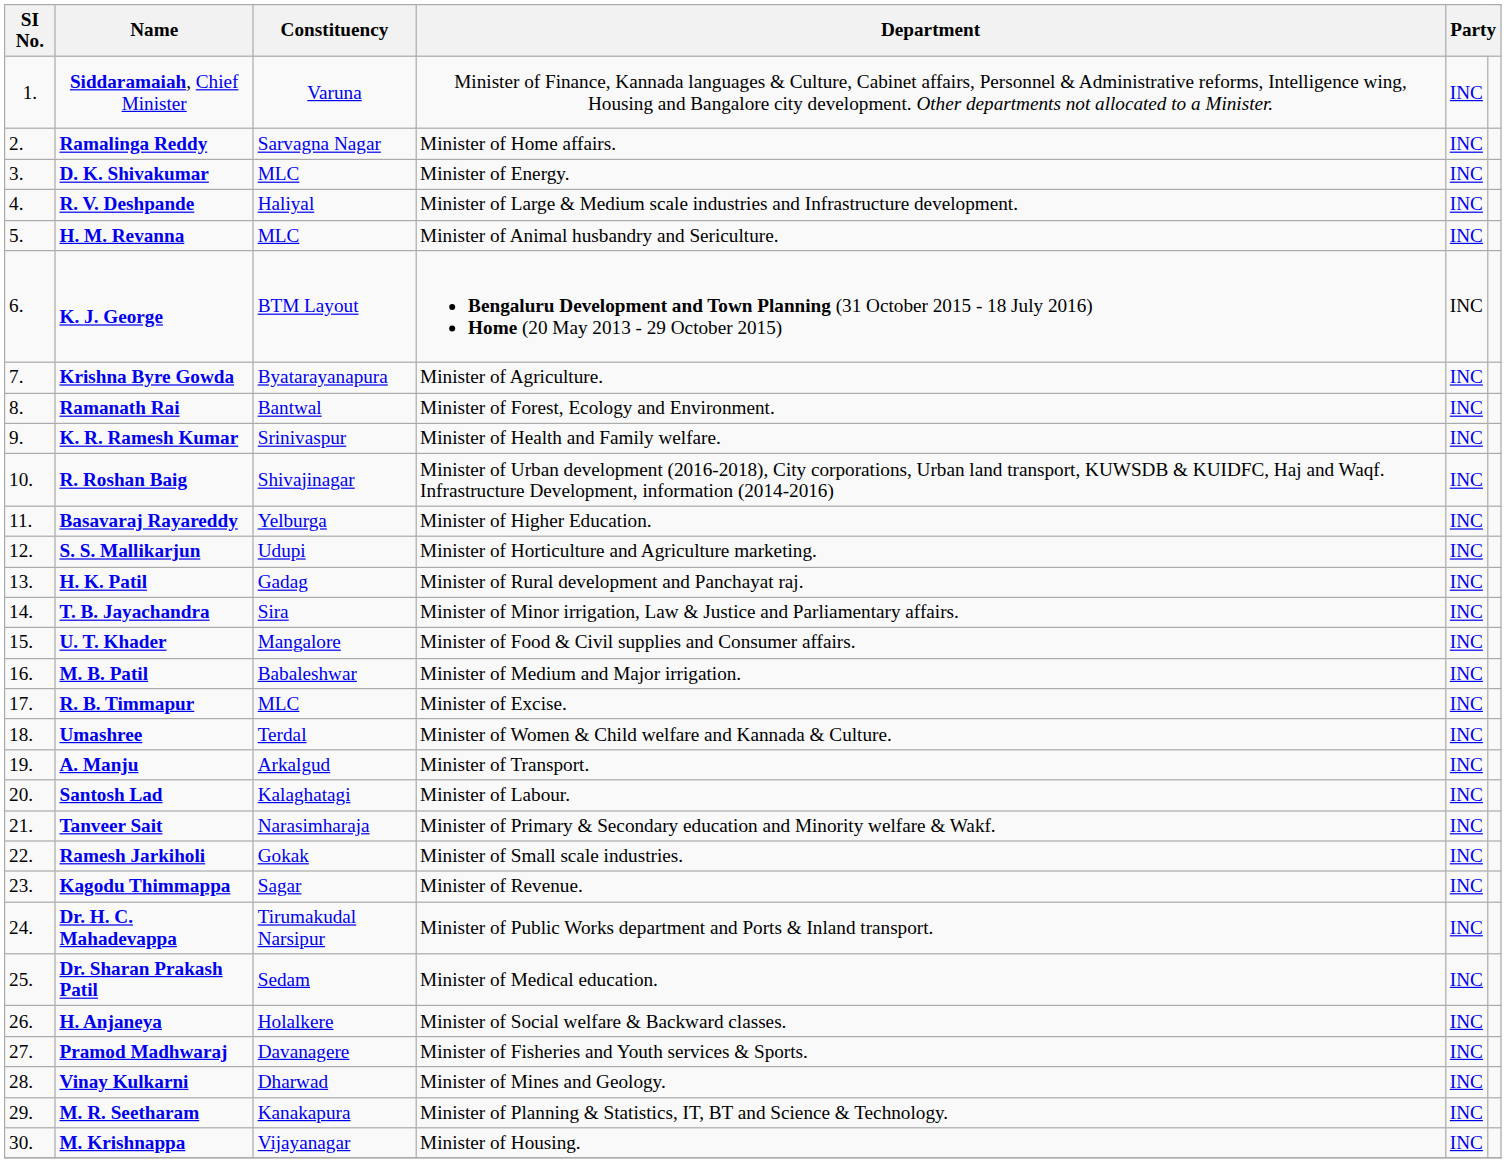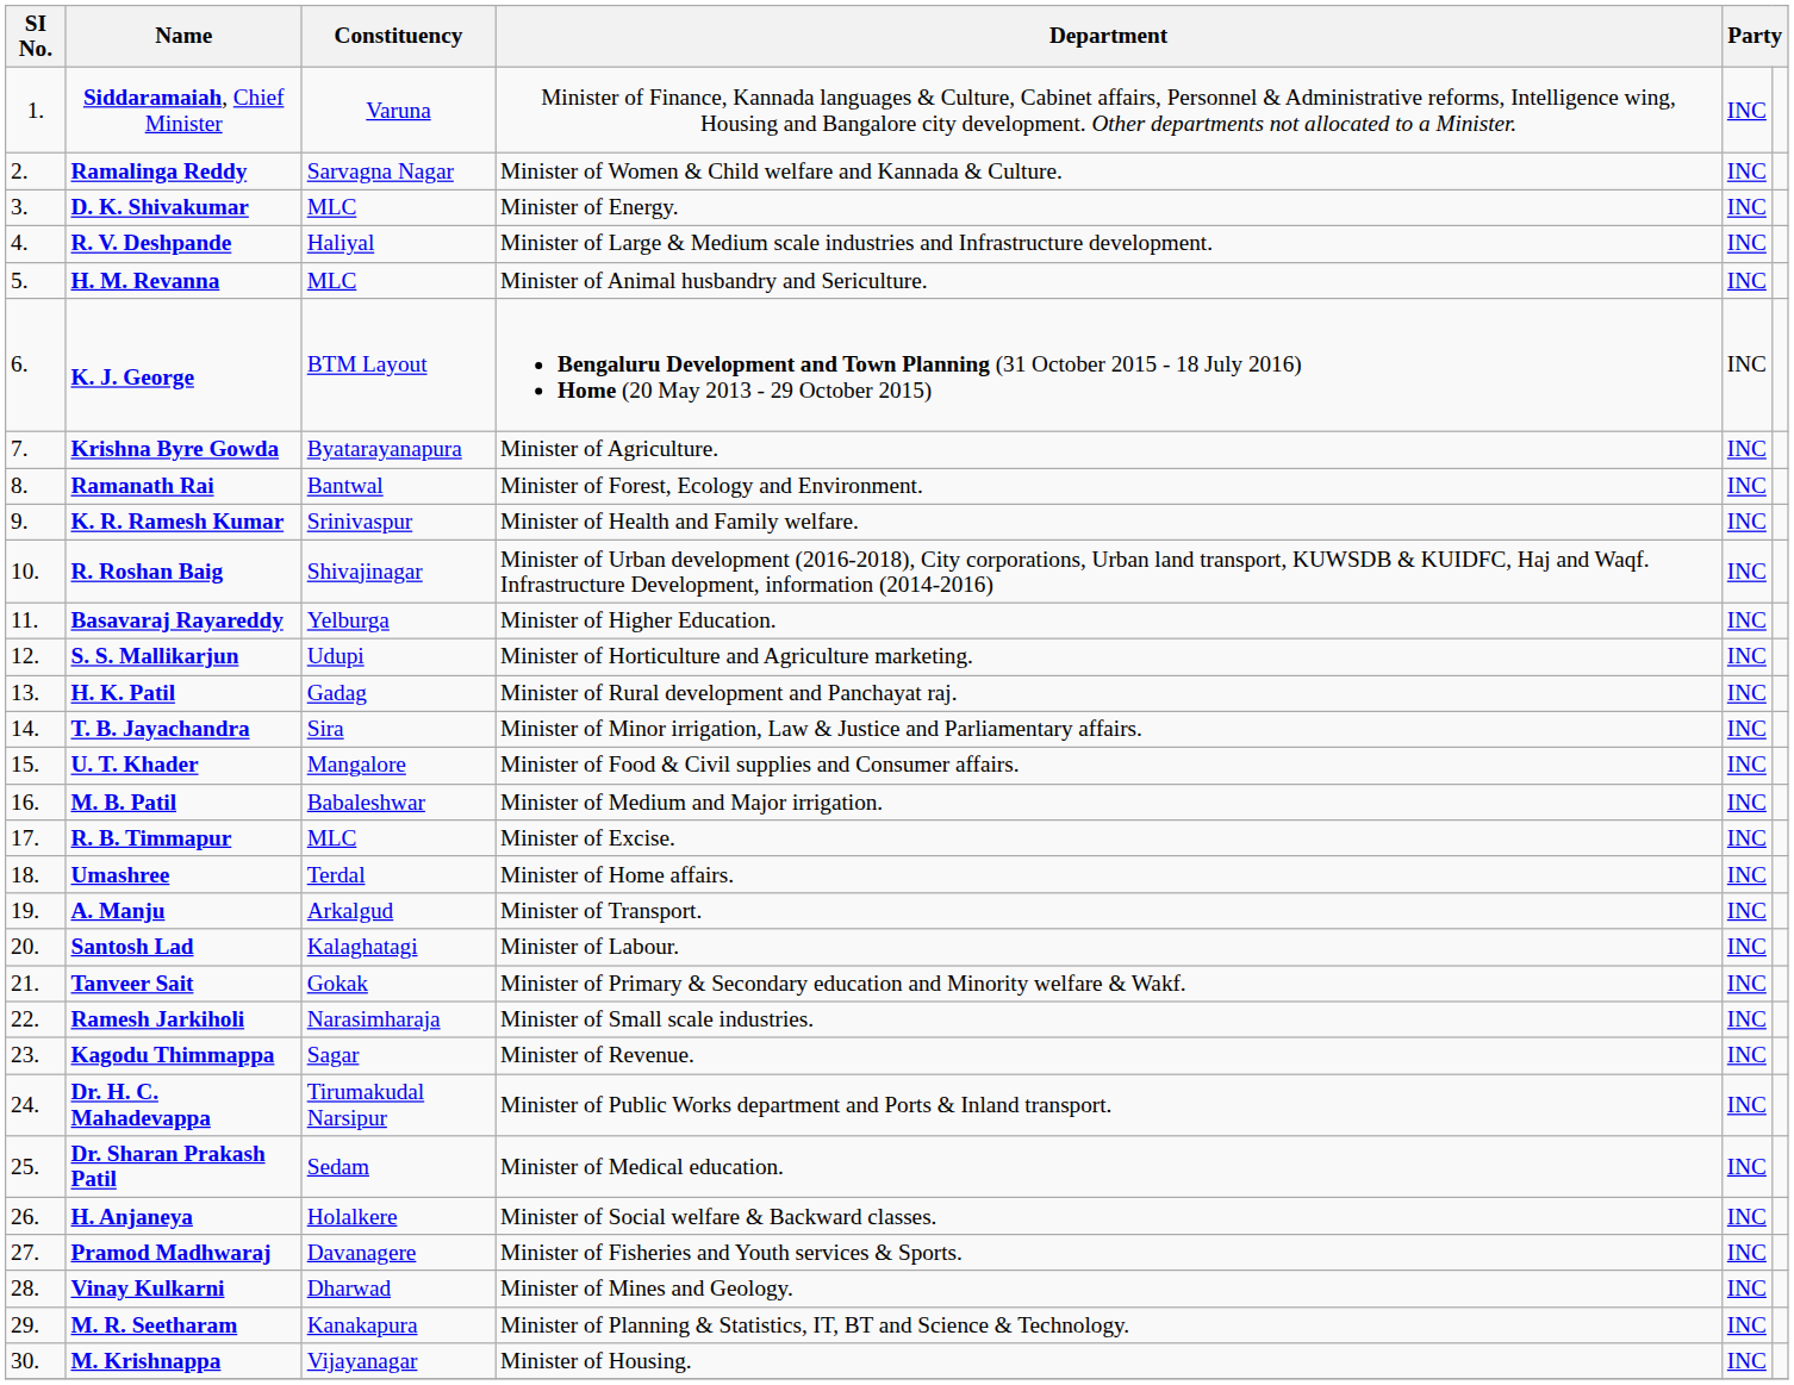 <table class ="wikitable">
 <tr>
 <th>SI No.</th>
 <th>Name</th>
 <th>Constituency</th>
 <th>Department</th>
 <th colspan="2" scope="col">Party</th>
 </tr>
 <tr style="text-align:center; height:60px;">
 <td>1.</td>
 <td> <strong><a href='#'>Siddaramaiah</a></strong>, <a href='#'>Chief Minister</a></td>
 <td><a href='#'>Varuna</a></td>
 <td>Minister of Finance, Kannada languages & Culture, Cabinet affairs, Personnel & Administrative reforms, Intelligence wing, Housing and Bangalore city development. <em>Other departments not allocated to a Minister.</em></td>
 <td><a href='#'>INC</a></td>
 <td width="4px" style="background-color: "></td>
 </tr>
 <tr>
 <td>2.</td>
 <td> <strong><a href='#'>Ramalinga Reddy</a></strong></td>
 <td><a href='#'>Sarvagna Nagar</a></td>
-<td>Minister of Home affairs.</td>
+<td>Minister of Women & Child welfare and Kannada & Culture.</td>
 <td><a href='#'>INC</a></td>
 <td width="4px" style="background-color: "></td>
 </tr>
 <tr>
 <td>3.</td>
 <td><strong><a href='#'>D. K. Shivakumar</a></strong></td>
 <td><a href='#'>MLC</a></td>
 <td>Minister of Energy.</td>
 <td><a href='#'>INC</a></td>
 <td width="4px" style="background-color: "></td>
 </tr>
 <tr>
 <td>4.</td>
 <td><strong><a href='#'>R. V. Deshpande </a></strong></td>
 <td><a href='#'>Haliyal</a></td>
 <td>Minister of Large & Medium scale industries and Infrastructure development.</td>
 <td><a href='#'>INC</a></td>
 <td width="4px" style="background-color: "></td>
 </tr>
 <tr>
 <td>5.</td>
 <td><strong><a href='#'>H. M. Revanna</a></strong></td>
 <td><a href='#'>MLC</a></td>
 <td>Minister of Animal husbandry and Sericulture.</td>
 <td><a href='#'>INC</a></td>
 <td width="4px" style="background-color: "></td>
 </tr>
 <tr>
 <td>6.</td>
 <td><br><strong><a href='#'>K. J. George</a></strong></td>
 <td><a href='#'>BTM Layout</a></td>
 <td><br><ul><li><strong>Bengaluru Development and Town Planning</strong> (31 October 2015 - 18 July 2016)</li><li><strong>Home</strong> (20 May 2013 - 29 October 2015)</li></ul></td>
 <td>INC</td>
 <td></td>
 </tr>
 <tr>
 <td>7.</td>
 <td><strong><a href='#'>Krishna Byre Gowda</a></strong></td>
 <td><a href='#'>Byatarayanapura</a></td>
 <td>Minister of Agriculture.</td>
 <td><a href='#'>INC</a></td>
 <td width="4px" style="background-color: "></td>
 </tr>
 <tr>
 <td>8.</td>
 <td><strong><a href='#'>Ramanath Rai</a></strong></td>
 <td><a href='#'>Bantwal</a></td>
 <td>Minister of Forest, Ecology and Environment.</td>
 <td><a href='#'>INC</a></td>
 <td width="4px" style="background-color: "></td>
 </tr>
 <tr>
 <td>9.</td>
 <td><strong><a href='#'>K. R. Ramesh Kumar</a></strong></td>
 <td><a href='#'>Srinivaspur</a></td>
 <td>Minister of Health and Family welfare.</td>
 <td><a href='#'>INC</a></td>
 <td width="4px" style="background-color: "></td>
 </tr>
 <tr>
 <td>10.</td>
 <td><strong><a href='#'>R. Roshan Baig</a></strong></td>
 <td><a href='#'>Shivajinagar</a></td>
 <td>Minister of Urban development (2016-2018), City corporations, Urban land transport, KUWSDB & KUIDFC, Haj and Waqf.<br>Infrastructure Development, information (2014-2016)</td>
 <td><a href='#'>INC</a></td>
 <td width="4px" style="background-color: "></td>
 </tr>
 <tr>
 <td>11.</td>
 <td><strong><a href='#'>Basavaraj Rayareddy</a></strong></td>
 <td><a href='#'>Yelburga</a></td>
 <td>Minister of Higher Education.</td>
 <td><a href='#'>INC</a></td>
 <td width="4px" style="background-color: "></td>
 </tr>
 <tr>
 <td>12.</td>
 <td><strong><a href='#'>S. S. Mallikarjun</a></strong></td>
 <td><a href='#'>Udupi</a></td>
 <td>Minister of Horticulture and Agriculture marketing.</td>
 <td><a href='#'>INC</a></td>
 <td width="4px" style="background-color: "></td>
 </tr>
 <tr>
 <td>13.</td>
 <td><strong><a href='#'>H. K. Patil</a></strong></td>
 <td><a href='#'>Gadag</a></td>
 <td>Minister of Rural development and Panchayat raj.</td>
 <td><a href='#'>INC</a></td>
 <td width="4px" style="background-color: "></td>
 </tr>
 <tr>
 <td>14.</td>
 <td><strong><a href='#'>T. B. Jayachandra</a></strong></td>
 <td><a href='#'>Sira</a></td>
 <td>Minister of Minor irrigation, Law & Justice and Parliamentary affairs.</td>
 <td><a href='#'>INC</a></td>
 <td width="4px" style="background-color: "></td>
 </tr>
 <tr>
 <td>15.</td>
 <td><strong><a href='#'>U. T. Khader</a></strong></td>
 <td><a href='#'>Mangalore</a></td>
 <td>Minister of Food & Civil supplies and Consumer affairs.</td>
 <td><a href='#'>INC</a></td>
 <td width="4px" style="background-color: "></td>
 </tr>
 <tr>
 <td>16.</td>
 <td><strong><a href='#'>M. B. Patil</a></strong></td>
 <td><a href='#'>Babaleshwar</a></td>
 <td>Minister of Medium and Major irrigation.</td>
 <td><a href='#'>INC</a></td>
 <td width="4px" style="background-color: "></td>
 </tr>
 <tr>
 <td>17.</td>
 <td><strong><a href='#'>R. B. Timmapur</a></strong></td>
 <td><a href='#'>MLC</a></td>
 <td>Minister of Excise.</td>
 <td><a href='#'>INC</a></td>
 <td width="4px" style="background-color: "></td>
 </tr>
 <tr>
 <td>18.</td>
 <td><strong><a href='#'>Umashree</a></strong></td>
 <td><a href='#'>Terdal</a></td>
-<td>Minister of Women & Child welfare and Kannada & Culture.</td>
+<td>Minister of Home affairs.</td>
 <td><a href='#'>INC</a></td>
 <td width="4px" style="background-color: "></td>
 </tr>
 <tr>
 <td>19.</td>
 <td><strong><a href='#'>A. Manju</a></strong></td>
 <td><a href='#'>Arkalgud</a></td>
 <td>Minister of Transport.</td>
 <td><a href='#'>INC</a></td>
 <td width="4px" style="background-color: "></td>
 </tr>
 <tr>
 <td>20.</td>
 <td><strong><a href='#'>Santosh Lad</a></strong></td>
 <td><a href='#'>Kalaghatagi</a></td>
 <td>Minister of Labour.</td>
 <td><a href='#'>INC</a></td>
 <td width="4px" style="background-color: "></td>
 </tr>
 <tr>
 <td>21.</td>
 <td><strong><a href='#'>Tanveer Sait</a></strong></td>
-<td><a href='#'>Narasimharaja</a></td>
+<td><a href='#'>Gokak</a></td>
 <td>Minister of Primary & Secondary education and Minority welfare & Wakf.</td>
 <td><a href='#'>INC</a></td>
 <td width="4px" style="background-color: "></td>
 </tr>
 <tr>
 <td>22.</td>
 <td><strong><a href='#'>Ramesh Jarkiholi</a></strong></td>
-<td><a href='#'>Gokak</a></td>
+<td><a href='#'>Narasimharaja</a></td>
 <td>Minister of Small scale industries.</td>
 <td><a href='#'>INC</a></td>
 <td width="4px" style="background-color: "></td>
 </tr>
 <tr>
 <td>23.</td>
 <td><strong><a href='#'>Kagodu Thimmappa</a></strong></td>
 <td><a href='#'>Sagar</a></td>
 <td>Minister of Revenue.</td>
 <td><a href='#'>INC</a></td>
 <td width="4px" style="background-color: "></td>
 </tr>
 <tr>
 <td>24.</td>
 <td><strong><a href='#'>Dr. H. C. Mahadevappa</a></strong></td>
 <td><a href='#'>Tirumakudal Narsipur</a></td>
 <td>Minister of Public Works department and Ports & Inland transport.</td>
 <td><a href='#'>INC</a></td>
 <td width="4px" style="background-color: "></td>
 </tr>
 <tr>
 <td>25.</td>
 <td><strong><a href='#'>Dr. Sharan Prakash Patil</a></strong></td>
 <td><a href='#'>Sedam</a></td>
 <td>Minister of Medical education.</td>
 <td><a href='#'>INC</a></td>
 <td width="4px" style="background-color: "></td>
 </tr>
 <tr>
 <td>26.</td>
 <td><strong><a href='#'>H. Anjaneya</a></strong></td>
 <td><a href='#'>Holalkere</a></td>
 <td>Minister of Social welfare & Backward classes.</td>
 <td><a href='#'>INC</a></td>
 <td width="4px" style="background-color: "></td>
 </tr>
 <tr>
 <td>27.</td>
 <td><strong><a href='#'>Pramod Madhwaraj</a></strong></td>
 <td><a href='#'>Davanagere</a></td>
 <td>Minister of Fisheries and Youth services & Sports.</td>
 <td><a href='#'>INC</a></td>
 <td width="4px" style="background-color: "></td>
 </tr>
 <tr>
 <td>28.</td>
 <td><strong><a href='#'>Vinay Kulkarni</a></strong></td>
 <td><a href='#'>Dharwad</a></td>
 <td>Minister of Mines and Geology.</td>
 <td><a href='#'>INC</a></td>
 <td width="4px" style="background-color: "></td>
 </tr>
 <tr>
 <td>29.</td>
 <td><strong><a href='#'>M. R. Seetharam</a></strong></td>
 <td><a href='#'>Kanakapura</a></td>
 <td>Minister of Planning & Statistics, IT, BT and Science & Technology.</td>
 <td><a href='#'>INC</a></td>
 <td width="4px" style="background-color: "></td>
 </tr>
 <tr>
 <td>30.</td>
 <td><strong><a href='#'>M. Krishnappa</a></strong></td>
 <td><a href='#'>Vijayanagar</a></td>
 <td>Minister of Housing.</td>
 <td><a href='#'>INC</a></td>
 <td width="4px" style="background-color: "></td>
 </tr>
 <tr>
 </tr>
 </table>
